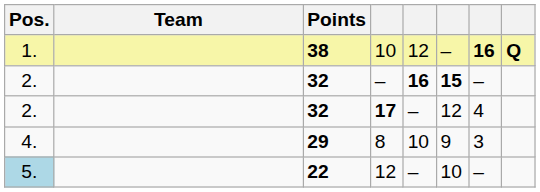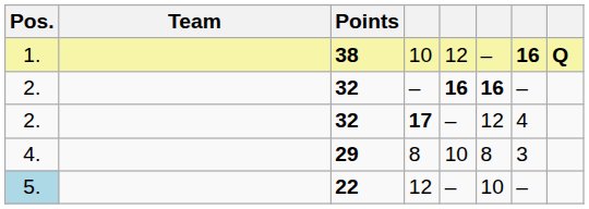 <table class="wikitable">
 <tr>
 <th width=10px>Pos.</th>
 <th width=200px>Team</th>
 <th width=20px>Points</th>
 <th width=20px></th>
 <th width=20px></th>
 <th width=20px></th>
 <th width=20px></th>
 <th width=20px></th>
 </tr>
 <tr style="background:#f7f6a8;">
 <td align=center>1.</td>
 <td></td>
 <td><strong>38</strong></td>
 <td>10</td>
 <td>12</td>
 <td>–</td>
 <td><strong>16</strong></td>
 <td><strong>Q</strong></td>
 </tr>
 <tr>
 <td align=center>2.</td>
 <td></td>
 <td><strong>32</strong></td>
 <td>–</td>
 <td><strong>16</strong></td>
-<td><strong>15</strong></td>
+<td><strong>16</strong></td>
 <td>–</td>
 <td></td>
 </tr>
 <tr>
 <td align=center>2.</td>
 <td></td>
 <td><strong>32</strong></td>
 <td><strong>17</strong></td>
 <td>–</td>
 <td>12</td>
 <td>4</td>
 <td></td>
 </tr>
 <tr>
 <td align=center>4.</td>
 <td></td>
 <td><strong>29</strong></td>
 <td>8</td>
 <td>10</td>
-<td>9</td>
+<td>8</td>
 <td>3</td>
 <td></td>
 </tr>
 <tr>
 <td align=center style="background: lightblue;">5.</td>
 <td></td>
 <td><strong>22</strong></td>
 <td>12</td>
 <td>–</td>
 <td>10</td>
 <td>–</td>
 <td></td>
 </tr>
 </table>
